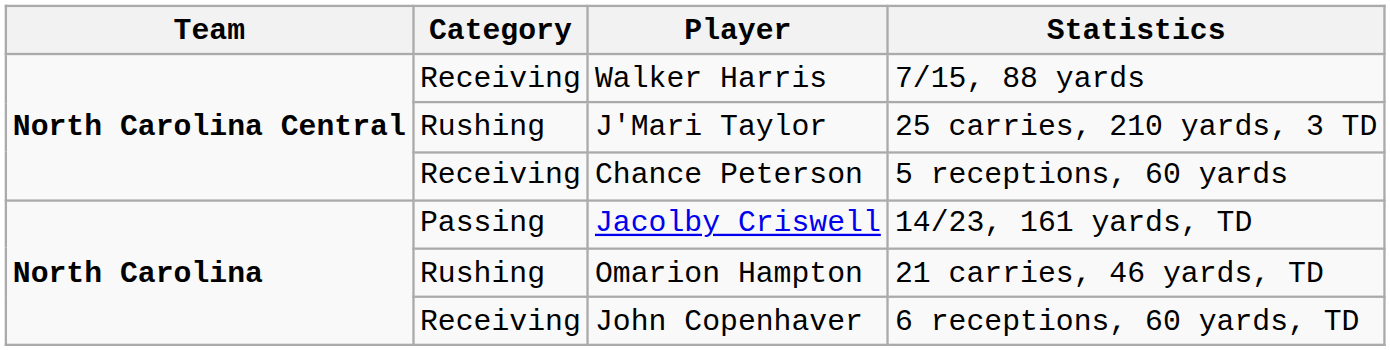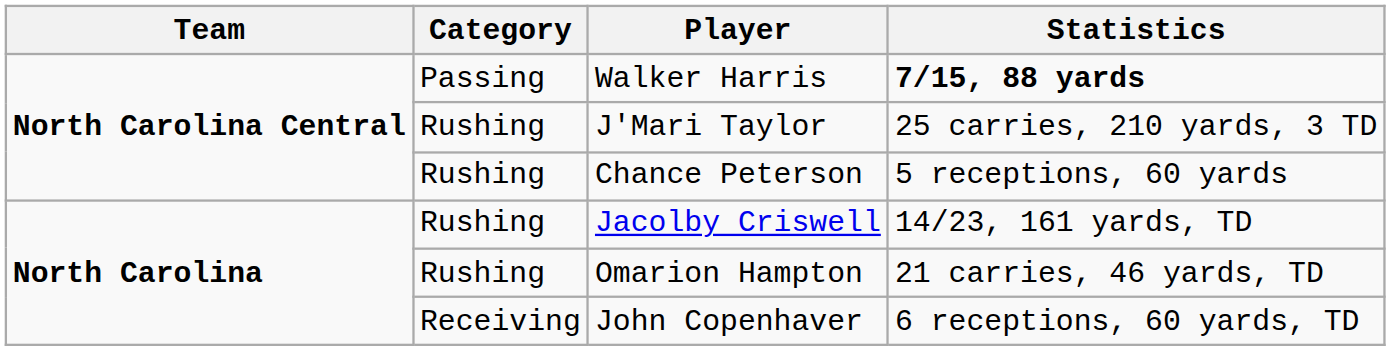 <table class="wikitable" style="float: right;">
 <tr>
 <th>Team</th>
 <th>Category</th>
 <th>Player</th>
 <th>Statistics</th>
 </tr>
 <tr>
 <td rowspan=3><strong>North Carolina Central</strong></td>
-<td>Receiving</td>
+<td>Passing</td>
 <td>Walker Harris</td>
-<td>7/15, 88 yards</td>
+<td><strong>7/15, 88 yards</strong></td>
 </tr>
 <tr>
 <td>Rushing</td>
 <td>J'Mari Taylor</td>
 <td>25 carries, 210 yards, 3 TD</td>
 </tr>
 <tr>
-<td>Receiving</td>
+<td>Rushing</td>
 <td>Chance Peterson</td>
 <td>5 receptions, 60 yards</td>
 </tr>
 <tr>
 <td rowspan=3><strong>North Carolina</strong></td>
-<td>Passing</td>
+<td>Rushing</td>
 <td><a href='#'>Jacolby Criswell</a></td>
 <td>14/23, 161 yards, TD</td>
 </tr>
 <tr>
 <td>Rushing</td>
 <td>Omarion Hampton</td>
 <td>21 carries, 46 yards, TD</td>
 </tr>
 <tr>
 <td>Receiving</td>
 <td>John Copenhaver</td>
 <td>6 receptions, 60 yards, TD</td>
 </tr>
 </table>
